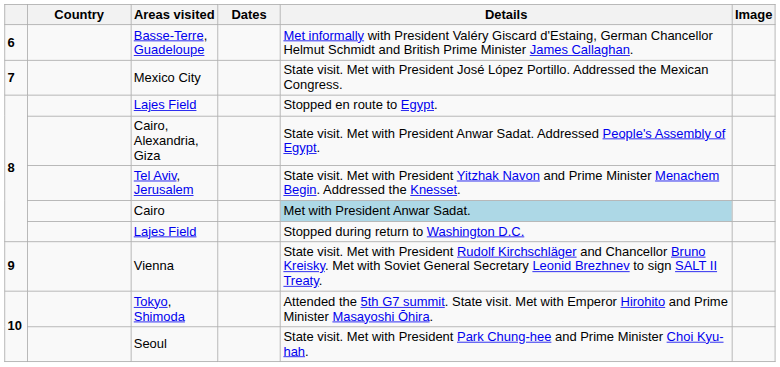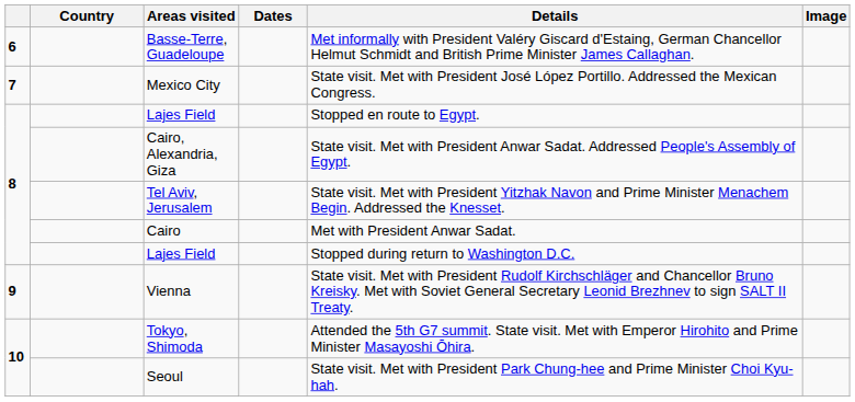 <table class="wikitable sortable" border="1" style="margin: 1em auto 1em auto">
 <tr>
 <th style="width: 3%;"></th>
 <th width=120>Country</th>
 <th width=100>Areas visited</th>
 <th width=70>Dates</th>
 <th width=550>Details</th>
 <th>Image</th>
 </tr>
 <tr>
 <td><strong>6</strong></td>
 <td></td>
 <td><a href='#'>Basse-Terre</a>, <a href='#'>Guadeloupe</a></td>
 <td></td>
 <td><a href='#'>Met informally</a> with President Valéry Giscard d'Estaing, German Chancellor Helmut Schmidt and British Prime Minister <a href='#'>James Callaghan</a>.</td>
 <td></td>
 </tr>
 <tr>
 <td><strong>7</strong></td>
 <td></td>
 <td>Mexico City</td>
 <td></td>
 <td>State visit. Met with President José López Portillo. Addressed the Mexican Congress.</td>
 <td></td>
 </tr>
 <tr>
 <td rowspan=5><strong>8</strong></td>
 <td></td>
 <td><a href='#'>Lajes Field</a></td>
 <td></td>
 <td>Stopped en route to <a href='#'>Egypt</a>.</td>
 <td></td>
 </tr>
 <tr>
 <td></td>
 <td>Cairo,<br>Alexandria,<br>Giza</td>
 <td></td>
 <td>State visit. Met with President Anwar Sadat. Addressed <a href='#'>People's Assembly of Egypt</a>.</td>
 <td></td>
 </tr>
 <tr>
 <td></td>
 <td><a href='#'>Tel Aviv</a>,<br><a href='#'>Jerusalem</a></td>
 <td></td>
 <td>State visit. Met with President <a href='#'>Yitzhak Navon</a> and Prime Minister <a href='#'>Menachem Begin</a>. Addressed the <a href='#'>Knesset</a>.</td>
 <td></td>
 </tr>
 <tr>
 <td></td>
 <td>Cairo</td>
 <td></td>
-<td style="background: lightblue;">Met with President Anwar Sadat.</td>
+<td>Met with President Anwar Sadat.</td>
 <td></td>
 </tr>
 <tr>
 <td></td>
 <td><a href='#'>Lajes Field</a></td>
 <td></td>
 <td>Stopped during return to <a href='#'>Washington D.C.</a></td>
 <td></td>
 </tr>
 <tr>
 <td><strong>9</strong></td>
 <td></td>
 <td>Vienna</td>
 <td></td>
 <td>State visit. Met with President <a href='#'>Rudolf Kirchschläger</a> and Chancellor <a href='#'>Bruno Kreisky</a>. Met with Soviet General Secretary <a href='#'>Leonid Brezhnev</a> to sign <a href='#'>SALT II Treaty</a>.</td>
 <td></td>
 </tr>
 <tr>
 <td rowspan=2><strong>10</strong></td>
 <td></td>
 <td><a href='#'>Tokyo</a>,<br><a href='#'>Shimoda</a></td>
 <td></td>
 <td>Attended the <a href='#'>5th G7 summit</a>. State visit. Met with Emperor <a href='#'>Hirohito</a> and Prime Minister <a href='#'>Masayoshi Ōhira</a>.</td>
 <td></td>
 </tr>
 <tr>
 <td></td>
 <td>Seoul</td>
 <td></td>
 <td>State visit. Met with President <a href='#'>Park Chung-hee</a> and Prime Minister <a href='#'>Choi Kyu-hah</a>.</td>
 <td></td>
 </tr>
 </table>
